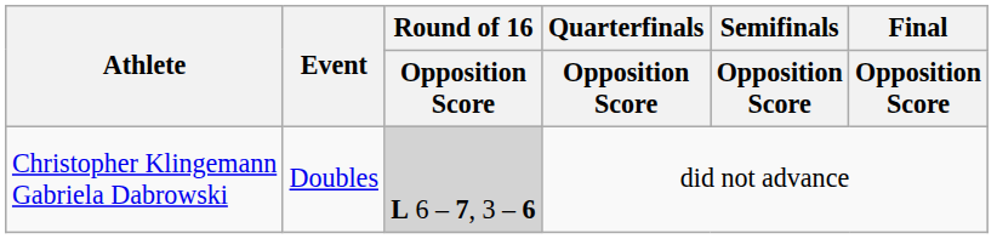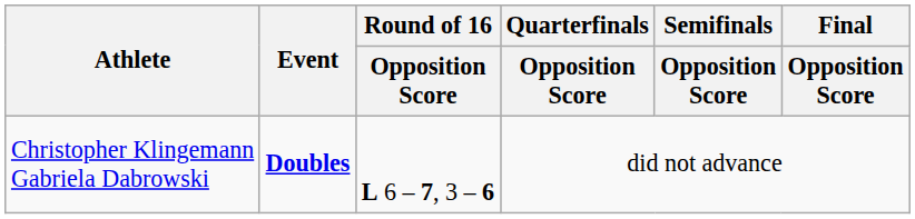 <table class="wikitable" border="1" style="font-size:90%">
 <tr>
 <th rowspan=2>Athlete</th>
 <th rowspan=2>Event</th>
 <th>Round of 16</th>
 <th>Quarterfinals</th>
 <th>Semifinals</th>
 <th>Final</th>
 </tr>
 <tr>
 <th>Opposition<br>Score</th>
 <th>Opposition<br>Score</th>
 <th>Opposition<br>Score</th>
 <th>Opposition<br>Score</th>
 </tr>
 <tr>
 <td><a href='#'>Christopher Klingemann</a><br><a href='#'>Gabriela Dabrowski</a></td>
-<td><a href='#'>Doubles</a></td>
-<td align=center style="background: lightgrey;"><br><br><strong>L</strong> 6 – <strong>7</strong>, 3 – <strong>6</strong></td>
+<td><strong><a href='#'>Doubles</a></strong></td>
+<td align=center><br><br><strong>L</strong> 6 – <strong>7</strong>, 3 – <strong>6</strong></td>
 <td align="center" colspan="7">did not advance</td>
 </tr>
 </table>
